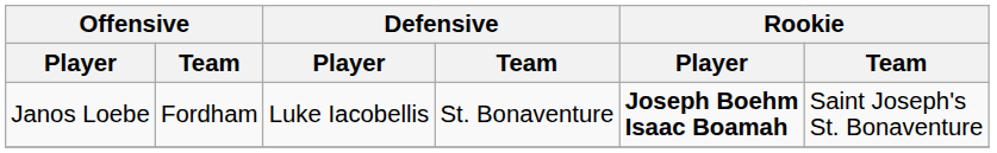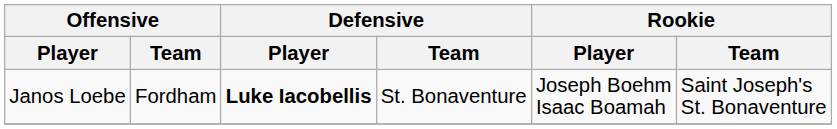 <table class="wikitable">
 <tr>
 <th colspan="2">Offensive</th>
 <th colspan="2">Defensive</th>
 <th colspan="2">Rookie</th>
 </tr>
 <tr>
 <th>Player</th>
 <th>Team</th>
 <th>Player</th>
 <th>Team</th>
 <th>Player</th>
 <th>Team</th>
 </tr>
 <tr>
 <td>Janos Loebe</td>
 <td>Fordham</td>
-<td>Luke Iacobellis</td>
+<td><strong>Luke Iacobellis</strong></td>
 <td>St. Bonaventure</td>
-<td><strong>Joseph Boehm<br>Isaac Boamah</strong></td>
+<td>Joseph Boehm<br>Isaac Boamah</td>
 <td>Saint Joseph's<br>St. Bonaventure</td>
 </tr>
 <tr>
 </tr>
 </table>
